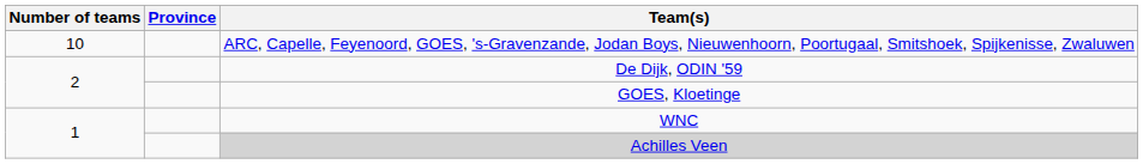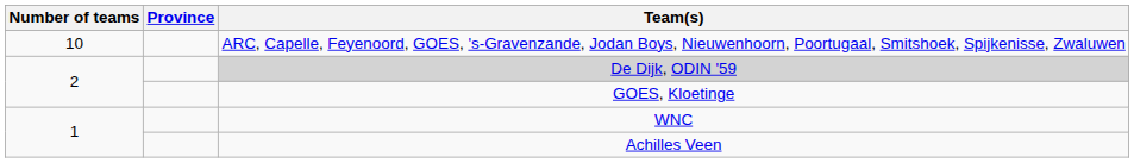 <table class="wikitable" style="text-align:center">
 <tr>
 <th>Number of teams</th>
 <th><a href='#'>Province</a></th>
 <th>Team(s)</th>
 </tr>
 <tr>
 <td>10</td>
 <td align="left"></td>
 <td><a href='#'>ARC</a>, <a href='#'>Capelle</a>, <a href='#'>Feyenoord</a>, <a href='#'>GOES</a>, <a href='#'>'s-Gravenzande</a>, <a href='#'>Jodan Boys</a>, <a href='#'>Nieuwenhoorn</a>, <a href='#'>Poortugaal</a>, <a href='#'>Smitshoek</a>, <a href='#'>Spijkenisse</a>, <a href='#'>Zwaluwen</a></td>
 </tr>
 <tr>
 <td rowspan="2">2</td>
 <td align="left"></td>
-<td><a href='#'>De Dijk</a>, <a href='#'>ODIN '59</a></td>
+<td style="background: lightgrey;"><a href='#'>De Dijk</a>, <a href='#'>ODIN '59</a></td>
 </tr>
 <tr>
 <td align="left"></td>
 <td><a href='#'>GOES</a>, <a href='#'>Kloetinge</a></td>
 </tr>
 <tr>
 <td rowspan="2">1</td>
 <td align="left"></td>
 <td><a href='#'>WNC</a></td>
 </tr>
 <tr>
 <td align="left"></td>
-<td style="background: lightgrey;"><a href='#'>Achilles Veen</a></td>
+<td><a href='#'>Achilles Veen</a></td>
 </tr>
 </table>
